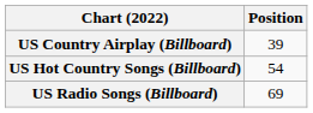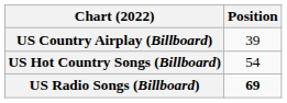 <table class="wikitable sortable plainrowheaders" style="text-align:center">
 <tr>
 <th scope="col">Chart (2022)</th>
 <th scope="col">Position</th>
 </tr>
 <tr>
 <th scope="row">US Country Airplay (<em>Billboard</em>)</th>
 <td>39</td>
 </tr>
 <tr>
 <th scope="row">US Hot Country Songs (<em>Billboard</em>)</th>
 <td>54</td>
 </tr>
 <tr>
 <th scope="row">US Radio Songs (<em>Billboard</em>)</th>
-<td>69</td>
+<td><strong>69</strong></td>
 </tr>
 </table>
